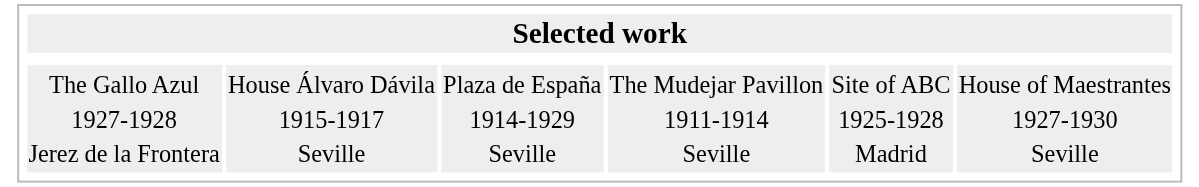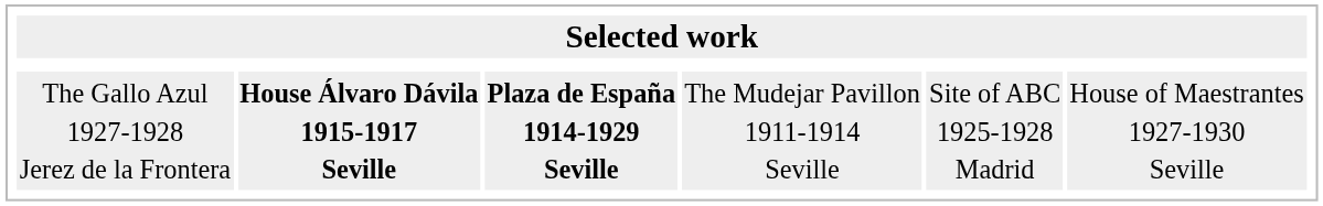 <table style="margin:1em auto; padding:2px; border: 1px solid #BBB; text-align:center; font-size:90%">
 <tr>
 <th colspan="6" style="background:#EEE">Selected work</th>
 </tr>
 <tr>
 <td></td>
 <td></td>
 <td></td>
 <td></td>
 <td></td>
 <td></td>
 </tr>
 <tr style="background:#EEE">
 <td><small> The Gallo Azul <br> 1927-1928 <br>Jerez de la Frontera</small></td>
-<td><small>  House Álvaro Dávila<br>1915-1917<br>Seville</small></td>
-<td><small> Plaza de España <br> 1914-1929 <br>Seville</small></td>
+<td><strong><small>  House Álvaro Dávila<br>1915-1917<br>Seville</small></strong></td>
+<td><strong><small> Plaza de España <br> 1914-1929 <br>Seville</small></strong></td>
 <td><small>  The Mudejar Pavillon <br> 1911-1914<br>Seville</small></td>
 <td><small> Site of ABC <br>1925-1928 <br>Madrid</small></td>
 <td><small> House of Maestrantes <br> 1927-1930 <br>Seville</small></td>
 </tr>
 </table>
